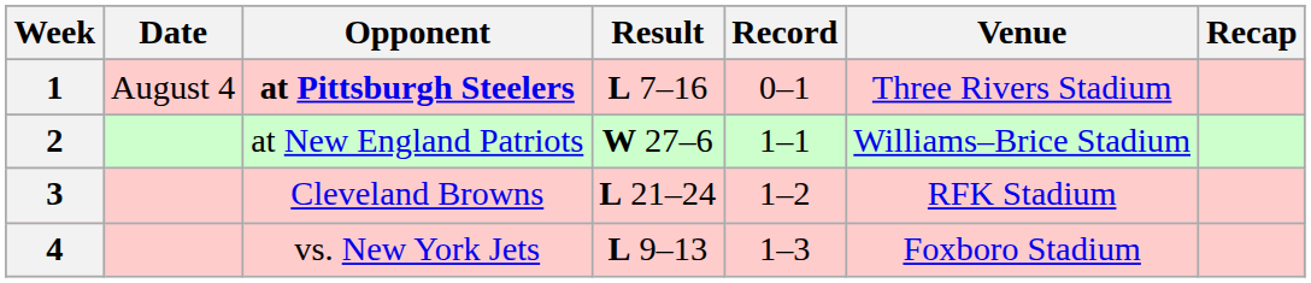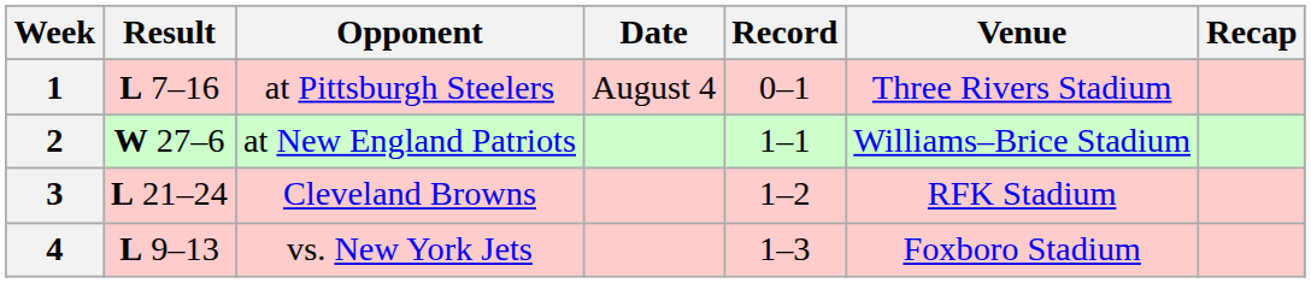 <table class="wikitable" style="text-align:center">
 <tr>
 <th>Week</th>
+<th>Result</th>
+<th>Opponent</th>
 <th>Date</th>
-<th>Opponent</th>
-<th>Result</th>
 <th>Record</th>
 <th>Venue</th>
 <th>Recap</th>
 </tr>
 <tr style="background:#fcc">
 <th>1</th>
+<td><strong>L</strong> 7–16</td>
+<td>at <a href='#'>Pittsburgh Steelers</a></td>
 <td>August 4</td>
-<td><strong>at <a href='#'>Pittsburgh Steelers</a></strong></td>
-<td><strong>L</strong> 7–16</td>
 <td>0–1</td>
 <td><a href='#'>Three Rivers Stadium</a></td>
 <td></td>
 </tr>
 <tr style="background:#cfc">
 <th>2</th>
+<td><strong>W</strong> 27–6</td>
+<td>at <a href='#'>New England Patriots</a></td>
 <td></td>
-<td>at <a href='#'>New England Patriots</a></td>
-<td><strong>W</strong> 27–6</td>
 <td>1–1</td>
 <td><a href='#'>Williams–Brice Stadium</a></td>
 <td></td>
 </tr>
 <tr style="background:#fcc">
 <th>3</th>
+<td><strong>L</strong> 21–24 </td>
+<td><a href='#'>Cleveland Browns</a></td>
 <td></td>
-<td><a href='#'>Cleveland Browns</a></td>
-<td><strong>L</strong> 21–24 </td>
 <td>1–2</td>
 <td><a href='#'>RFK Stadium</a></td>
 <td></td>
 </tr>
 <tr style="background:#fcc">
 <th>4</th>
+<td><strong>L</strong> 9–13</td>
+<td>vs. <a href='#'>New York Jets</a></td>
 <td></td>
-<td>vs. <a href='#'>New York Jets</a></td>
-<td><strong>L</strong> 9–13</td>
 <td>1–3</td>
 <td><a href='#'>Foxboro Stadium</a></td>
 <td></td>
 </tr>
 </table>
